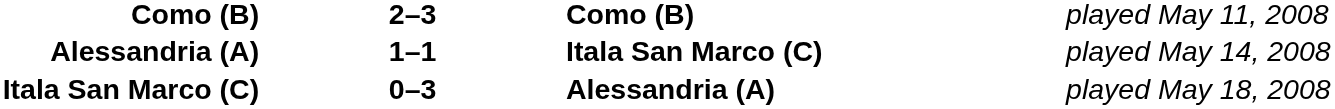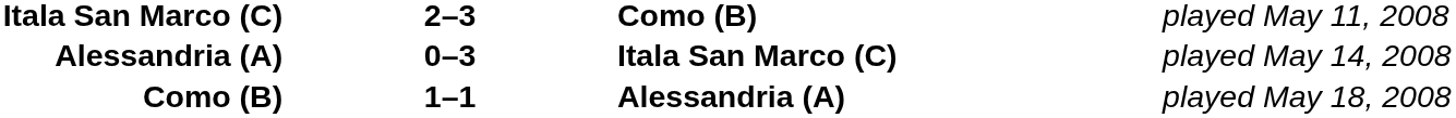 <table style="width:100%;" cellspacing="1">
 <tr>
 <th style="width:20%;"></th>
 <th style="width:12%;"></th>
 <th style="width:20%;"></th>
 <th width="20%'"></th>
 <th></th>
 </tr>
 <tr style="font-size:90%;">
-<td align="right"><strong>Como (B)</strong></td>
+<td align="right"><strong>Itala San Marco (C)</strong></td>
 <td style="text-align:center;"><strong>2–3</strong></td>
 <td align="left"><strong>Como (B)</strong></td>
 <td align="left"><em>played May 11, 2008</em></td>
 </tr>
 <tr style="font-size:90%;">
 <td align="right"><strong>Alessandria (A)</strong></td>
-<td style="text-align:center;"><strong>1–1</strong></td>
+<td style="text-align:center;"><strong>0–3</strong></td>
 <td align="left"><strong>Itala San Marco (C)</strong></td>
 <td align="left"><em>played May 14, 2008</em></td>
 </tr>
 <tr style="font-size:90%;">
-<td align="right"><strong>Itala San Marco (C)</strong></td>
-<td style="text-align:center;"><strong>0–3</strong></td>
+<td align="right"><strong>Como (B)</strong></td>
+<td style="text-align:center;"><strong>1–1</strong></td>
 <td align="left"><strong>Alessandria (A)</strong></td>
 <td align="left"><em>played May 18, 2008</em></td>
 </tr>
 </table>
